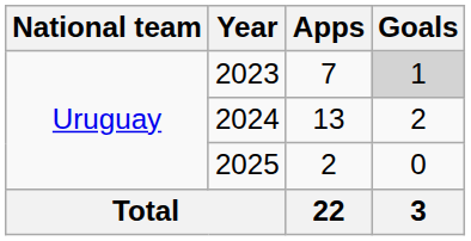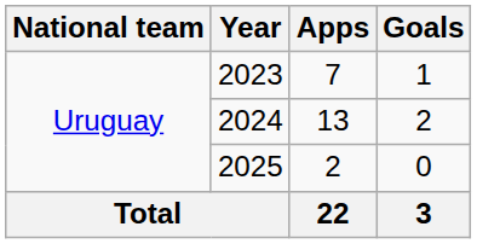 <table class="wikitable" style="text-align:center">
 <tr>
 <th>National team</th>
 <th>Year</th>
 <th>Apps</th>
 <th>Goals</th>
 </tr>
 <tr>
 <td rowspan=3><a href='#'>Uruguay</a></td>
 <td>2023</td>
 <td>7</td>
-<td style="background: lightgrey;">1</td>
+<td>1</td>
 </tr>
 <tr>
 <td>2024</td>
 <td>13</td>
 <td>2</td>
 </tr>
 <tr>
 <td>2025</td>
 <td>2</td>
 <td>0</td>
 </tr>
 <tr>
 <th colspan=2>Total</th>
 <th>22</th>
 <th>3</th>
 </tr>
 </table>
